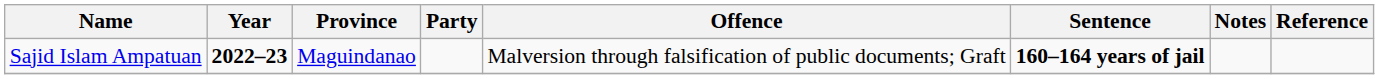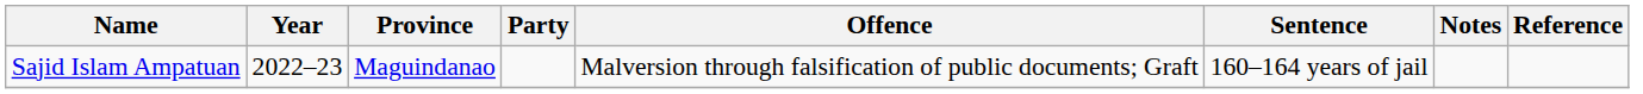 <table class="wikitable">
 <tr>
 <th>Name</th>
 <th>Year</th>
 <th>Province</th>
 <th>Party</th>
 <th>Offence</th>
 <th>Sentence</th>
 <th>Notes</th>
 <th>Reference</th>
 </tr>
 <tr>
 <td><a href='#'>Sajid Islam Ampatuan</a></td>
-<td><strong>2022–23</strong></td>
+<td>2022–23</td>
 <td><a href='#'>Maguindanao</a></td>
 <td></td>
 <td>Malversion through falsification of public documents; Graft</td>
-<td><strong>160–164 years of jail</strong></td>
+<td>160–164 years of jail</td>
 <td></td>
 <td></td>
 </tr>
 <tr>
 </tr>
 </table>
